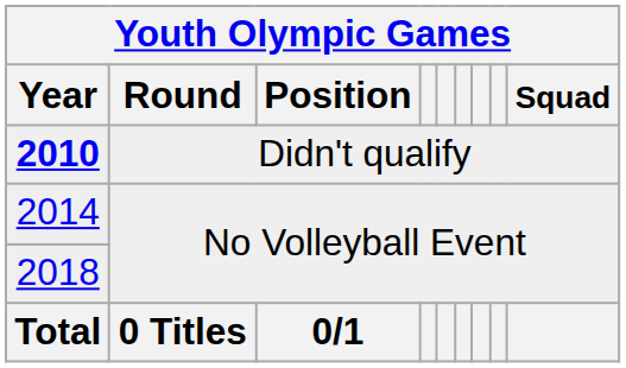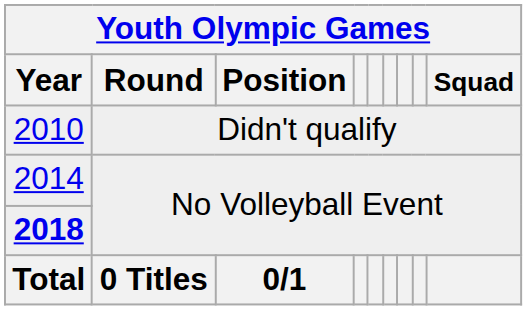 <table class="wikitable" style="text-align: center;">
 <tr>
 <th colspan=9><a href='#'>Youth Olympic Games</a></th>
 </tr>
 <tr>
 <th>Year</th>
 <th>Round</th>
 <th>Position</th>
 <th></th>
 <th></th>
 <th></th>
 <th></th>
 <th></th>
 <th><small>Squad</small></th>
 </tr>
 <tr bgcolor="efefef">
-<td><strong> <a href='#'>2010</a></strong></td>
+<td> <a href='#'>2010</a></td>
 <td colspan=9>Didn't qualify</td>
 </tr>
 <tr bgcolor="efefef">
 <td> <a href='#'>2014</a></td>
 <td colspan=9 rowspan=2 align=center>No Volleyball Event</td>
 </tr>
 <tr bgcolor="efefef">
-<td> <a href='#'>2018</a></td>
+<td><strong> <a href='#'>2018</a></strong></td>
 </tr>
 <tr>
 <th>Total</th>
 <th>0 Titles</th>
 <th>0/1</th>
 <th></th>
 <th></th>
 <th></th>
 <th></th>
 <th></th>
 <th></th>
 </tr>
 </table>
